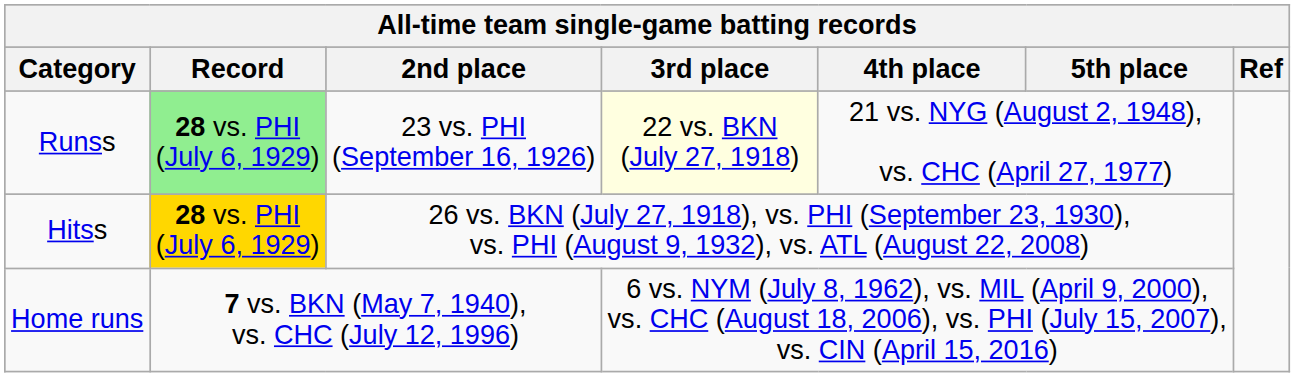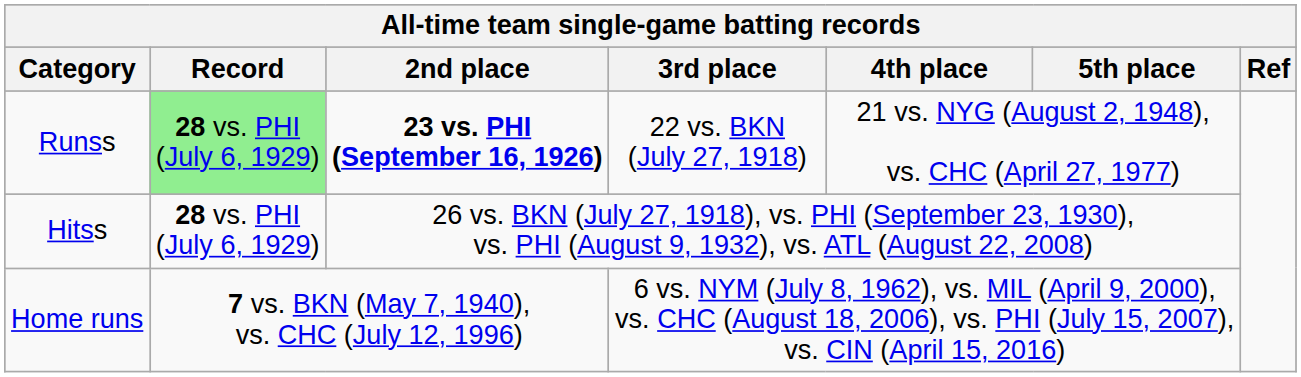 <table class="wikitable unsortable" style="text-align:center">
 <tr>
 <th colspan=7><strong>All-time team single-game batting records</strong></th>
 </tr>
 <tr>
 <th scope="col">Category</th>
 <th scope="col">Record</th>
 <th scope="col">2nd place</th>
 <th scope="col">3rd place</th>
 <th scope="col">4th place</th>
 <th scope="col">5th place</th>
 <th scope="col">Ref</th>
 </tr>
 <tr>
 <td><a href='#'>Runs</a>s</td>
 <td style="background: lightgreen;"><strong>28</strong> vs. <a href='#'>PHI</a><br>(<a href='#'>July 6, 1929</a>)</td>
-<td>23 vs. <a href='#'>PHI</a><br>(<a href='#'>September 16, 1926</a>)</td>
-<td style="background: lightyellow;">22 vs. <a href='#'>BKN</a><br>(<a href='#'>July 27, 1918</a>)</td>
+<td><strong>23 vs. <a href='#'>PHI</a><br>(<a href='#'>September 16, 1926</a>)</strong></td>
+<td>22 vs. <a href='#'>BKN</a><br>(<a href='#'>July 27, 1918</a>)</td>
 <td colspan="2" style="text-align: center;">21 vs. <a href='#'>NYG</a> (<a href='#'>August 2, 1948</a>),<br><br>vs. <a href='#'>CHC</a> (<a href='#'>April 27, 1977</a>)</td>
 <td rowspan="3" style="text-align: center;"></td>
 </tr>
 <tr>
 <td><a href='#'>Hits</a>s</td>
-<td style="background: gold;"><strong>28</strong> vs. <a href='#'>PHI</a><br>(<a href='#'>July 6, 1929</a>)</td>
+<td><strong>28</strong> vs. <a href='#'>PHI</a><br>(<a href='#'>July 6, 1929</a>)</td>
 <td colspan="4" style="text-align: center;">26 vs. <a href='#'>BKN</a> (<a href='#'>July 27, 1918</a>), vs. <a href='#'>PHI</a> (<a href='#'>September 23, 1930</a>),<br>vs. <a href='#'>PHI</a> (<a href='#'>August 9, 1932</a>), vs. <a href='#'>ATL</a> (<a href='#'>August 22, 2008</a>)</td>
 </tr>
 <tr>
 <td><a href='#'>Home runs</a></td>
 <td colspan="2" style="text-align: center;"><strong>7</strong> vs. <a href='#'>BKN</a> (<a href='#'>May 7, 1940</a>),<br>vs. <a href='#'>CHC</a> (<a href='#'>July 12, 1996</a>)</td>
 <td colspan="3" style="text-align: center;">6 vs. <a href='#'>NYM</a> (<a href='#'>July 8, 1962</a>), vs. <a href='#'>MIL</a> (<a href='#'>April 9, 2000</a>),<br>vs. <a href='#'>CHC</a> (<a href='#'>August 18, 2006</a>), vs. <a href='#'>PHI</a> (<a href='#'>July 15, 2007</a>),<br>vs. <a href='#'>CIN</a> (<a href='#'>April 15, 2016</a>)</td>
 </tr>
 </table>
